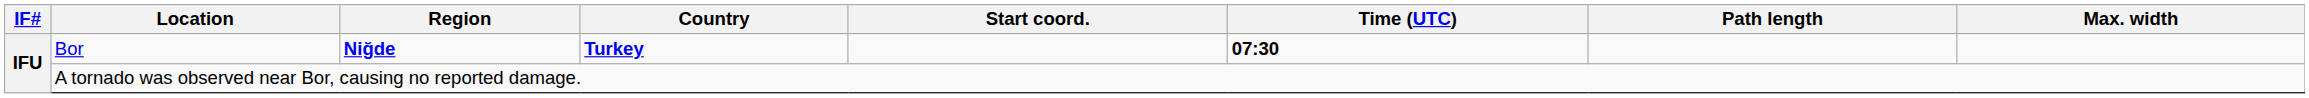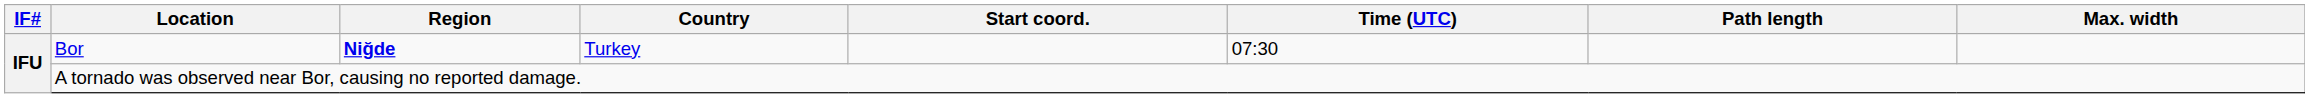 <table class="wikitable sortable" style="width:100%;">
 <tr>
 <th scope="col" width="2%" align="center"><a href='#'>IF#</a></th>
 <th scope="col" align="center" class="unsortable">Location</th>
 <th scope="col" align="center" class="unsortable">Region</th>
 <th scope="col" align="center">Country</th>
 <th scope="col" align="center">Start coord.</th>
 <th scope="col" align="center">Time (<a href='#'>UTC</a>)</th>
 <th scope="col" align="center">Path length</th>
 <th scope="col" align="center">Max. width</th>
 </tr>
 <tr>
 <th scope="row" rowspan="2" style="background-color:#">IFU</th>
 <td><a href='#'>Bor</a></td>
 <td><strong><a href='#'>Niğde</a></strong></td>
-<td><strong><a href='#'>Turkey</a></strong></td>
+<td><a href='#'>Turkey</a></td>
 <td></td>
-<td><strong>07:30</strong></td>
+<td>07:30</td>
 <td></td>
 <td></td>
 </tr>
 <tr class="expand-child">
 <td colspan="8" style=" border-bottom: 1px solid black;">A tornado was observed near Bor, causing no reported damage.</td>
 </tr>
 </table>
